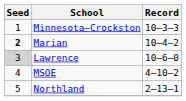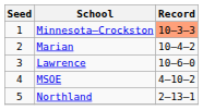 <table class="wikitable">
 <tr>
 <th>Seed</th>
 <th>School</th>
 <th>Record</th>
 </tr>
 <tr>
 <td align=center>1</td>
 <td><a href='#'>Minnesota–Crockston</a></td>
-<td>10–3–3</td>
+<td style="background: lightsalmon;">10–3–3</td>
 </tr>
 <tr>
-<td align=center><strong>2</strong></td>
+<td align=center>2</td>
 <td><a href='#'>Marian</a></td>
 <td>10–4–2</td>
 </tr>
 <tr>
-<td align=center style="background: lightgrey;">3</td>
+<td align=center>3</td>
 <td><a href='#'>Lawrence</a></td>
 <td>10–6–0</td>
 </tr>
 <tr>
 <td align=center>4</td>
 <td><a href='#'>MSOE</a></td>
 <td>4–10–2</td>
 </tr>
 <tr>
 <td align=center>5</td>
 <td><a href='#'>Northland</a></td>
 <td>2–13–1</td>
 </tr>
 <tr>
 </tr>
 </table>
